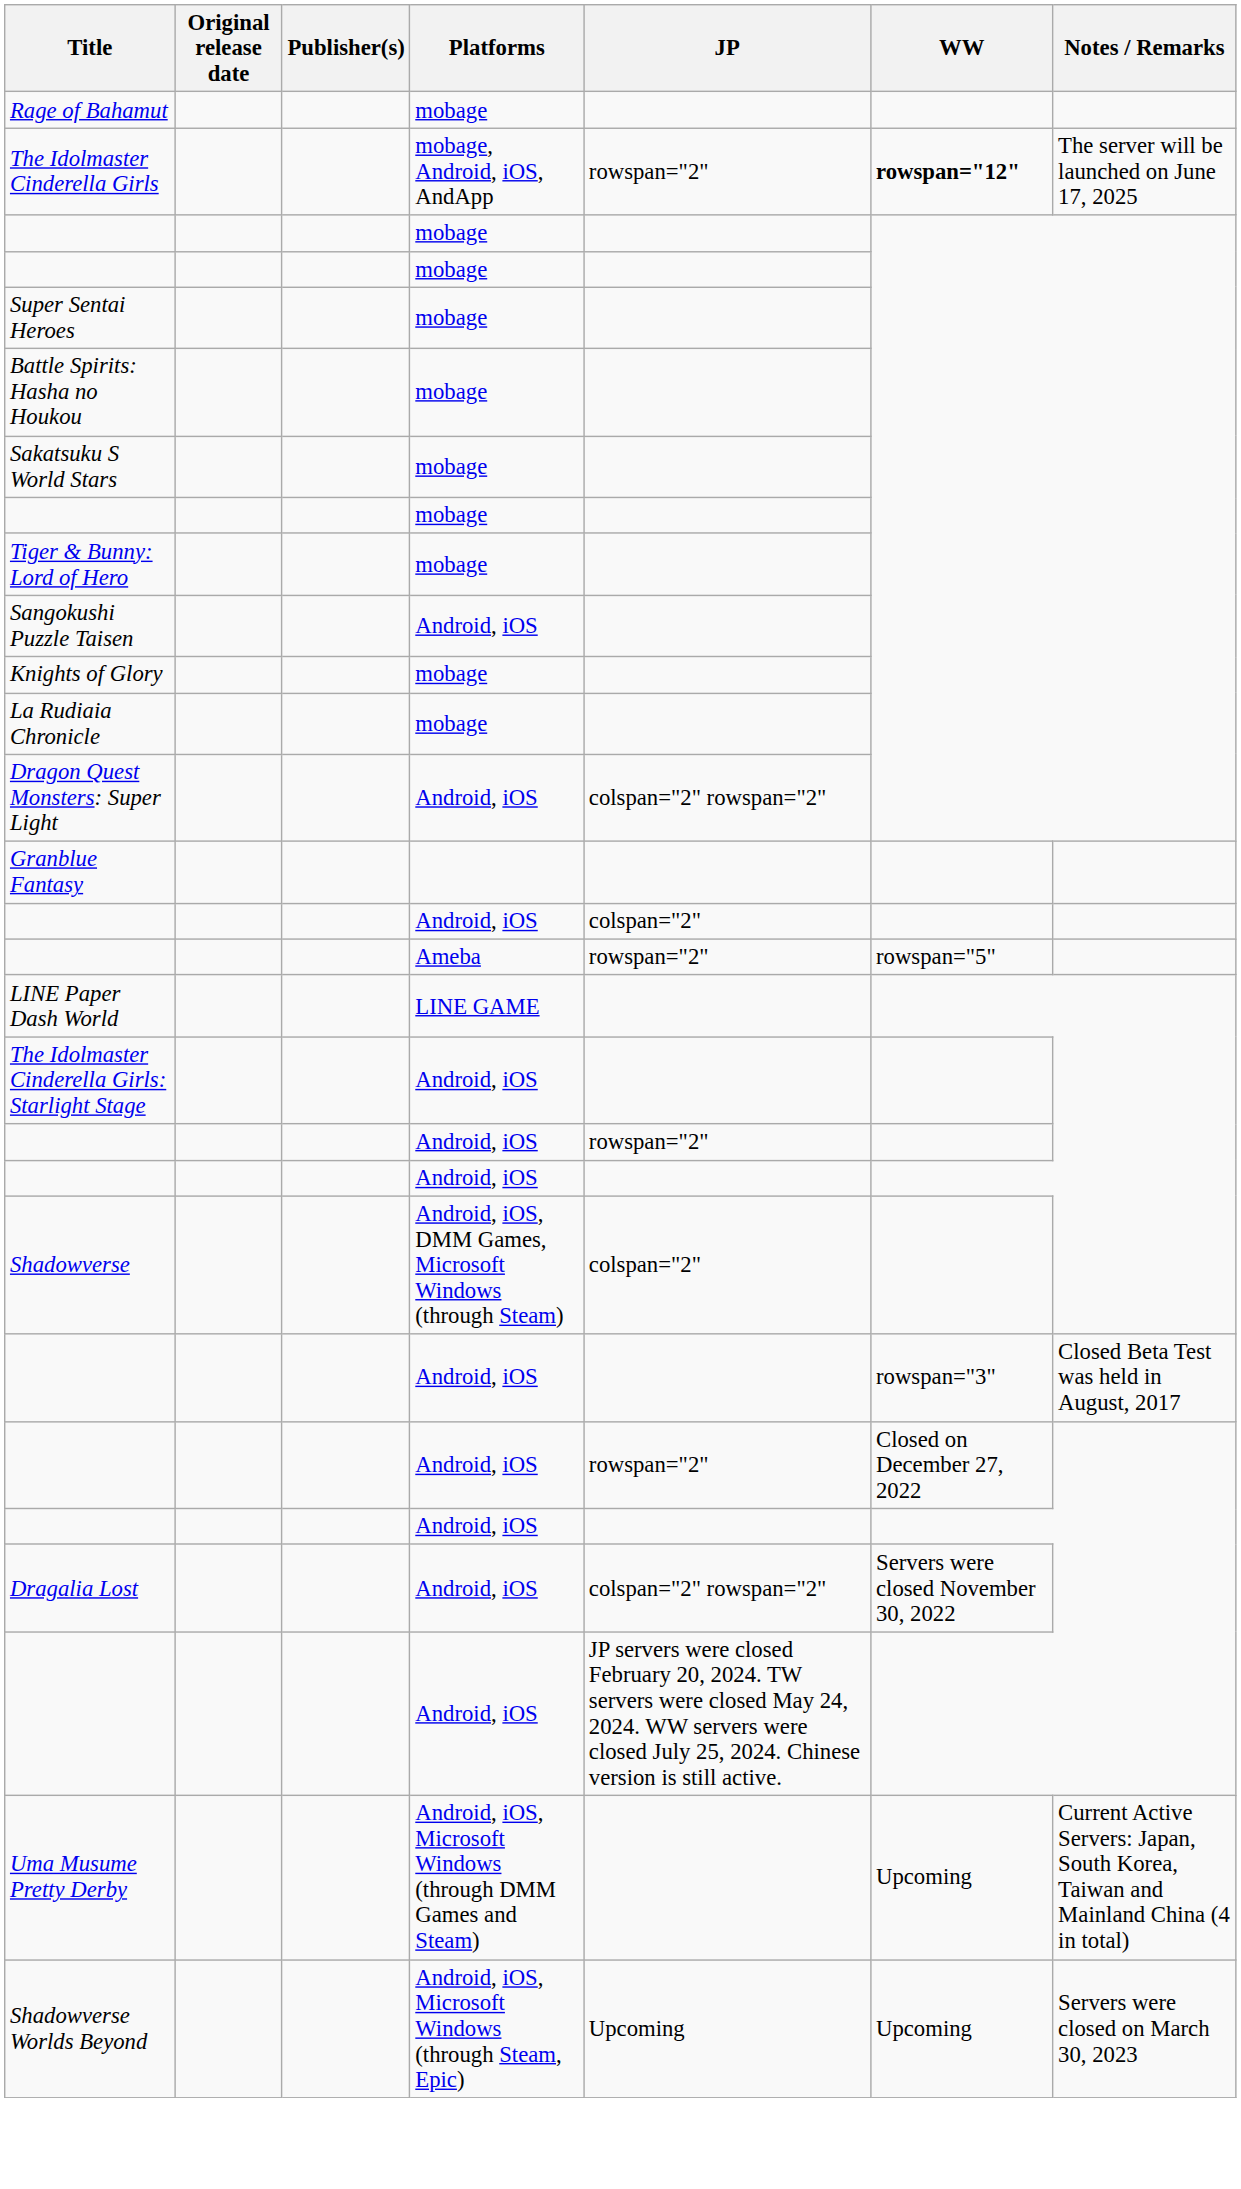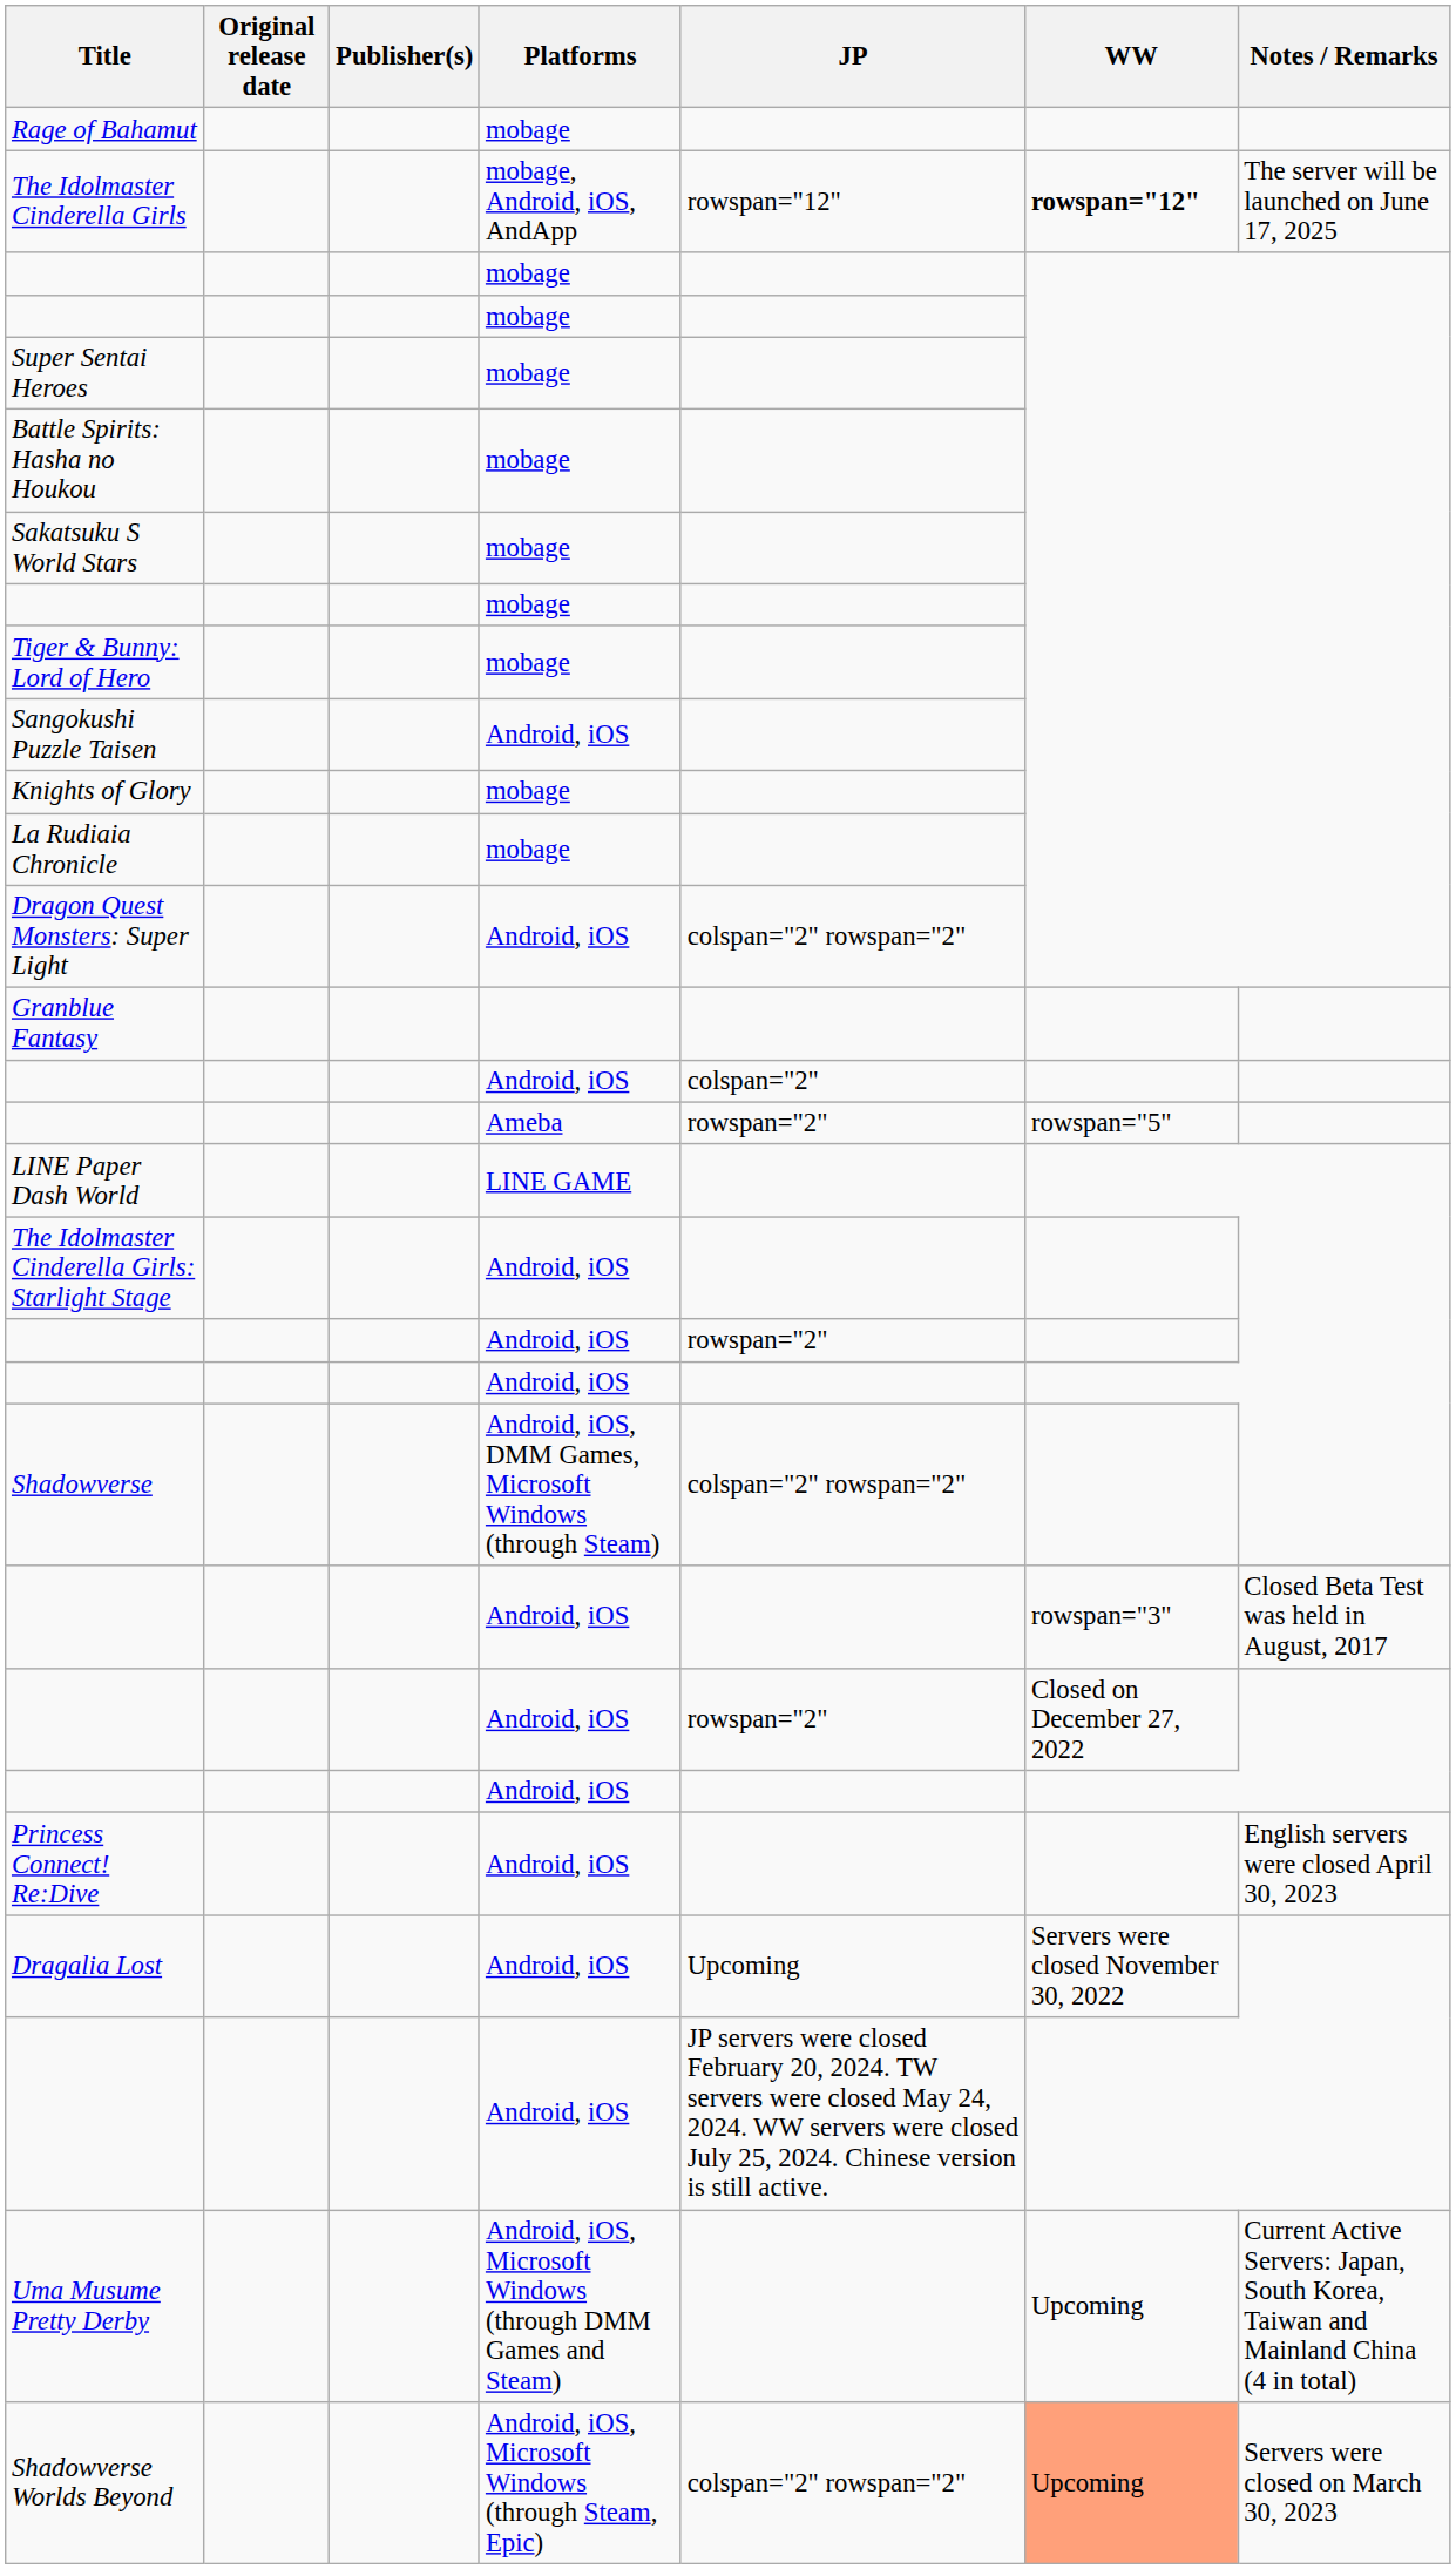 <table class="wikitable sortable">
 <tr>
 <th scope="col">Title</th>
 <th scope="col">Original release date</th>
 <th scope="col">Publisher(s)</th>
 <th scope="col">Platforms</th>
 <th scope="col">JP</th>
 <th scope="col">WW</th>
 <th scope="col">Notes / Remarks</th>
 </tr>
 <tr>
 <td><em><a href='#'>Rage of Bahamut</a></em></td>
 <td></td>
 <td></td>
 <td><a href='#'>mobage</a></td>
 <td></td>
 <td></td>
 <td></td>
 </tr>
 <tr>
 <td><em><a href='#'>The Idolmaster Cinderella Girls</a></em></td>
 <td></td>
 <td></td>
 <td><a href='#'>mobage</a>, <a href='#'>Android</a>, <a href='#'>iOS</a>, AndApp</td>
-<td>rowspan="2" </td>
+<td>rowspan="12" </td>
 <td><strong>rowspan="12" </strong></td>
 <td>The server will be launched on June 17, 2025</td>
 </tr>
 <tr>
 <td></td>
 <td></td>
 <td></td>
 <td><a href='#'>mobage</a></td>
 <td></td>
 </tr>
 <tr>
 <td></td>
 <td></td>
 <td></td>
 <td><a href='#'>mobage</a></td>
 <td></td>
 </tr>
 <tr>
 <td><em>Super Sentai Heroes</em></td>
 <td></td>
 <td></td>
 <td><a href='#'>mobage</a></td>
 <td></td>
 </tr>
 <tr>
 <td><em>Battle Spirits: Hasha no Houkou</em></td>
 <td></td>
 <td></td>
 <td><a href='#'>mobage</a></td>
 <td></td>
 </tr>
 <tr>
 <td><em>Sakatsuku S World Stars</em></td>
 <td></td>
 <td></td>
 <td><a href='#'>mobage</a></td>
 <td></td>
 </tr>
 <tr>
 <td></td>
 <td></td>
 <td></td>
 <td><a href='#'>mobage</a></td>
 <td></td>
 </tr>
 <tr>
 <td><a href='#'><em>Tiger & Bunny: Lord of Hero</em></a></td>
 <td></td>
 <td></td>
 <td><a href='#'>mobage</a></td>
 <td></td>
 </tr>
 <tr>
 <td><em>Sangokushi Puzzle Taisen</em></td>
 <td></td>
 <td></td>
 <td><a href='#'>Android</a>, <a href='#'>iOS</a></td>
 <td></td>
 </tr>
 <tr>
 <td><em>Knights of Glory</em></td>
 <td></td>
 <td></td>
 <td><a href='#'>mobage</a></td>
 <td></td>
 </tr>
 <tr>
 <td><em>La Rudiaia Chronicle</em></td>
 <td></td>
 <td></td>
 <td><a href='#'>mobage</a></td>
 <td></td>
 </tr>
 <tr>
 <td><em><a href='#'>Dragon Quest Monsters</a>: Super Light</em></td>
 <td></td>
 <td></td>
 <td><a href='#'>Android</a>, <a href='#'>iOS</a></td>
 <td>colspan="2" rowspan="2"</td>
 </tr>
 <tr>
 <td><em><a href='#'>Granblue Fantasy</a></em></td>
 <td></td>
 <td></td>
 <td></td>
 <td></td>
 <td></td>
 <td></td>
 </tr>
 <tr>
 <td></td>
 <td></td>
 <td></td>
 <td><a href='#'>Android</a>, <a href='#'>iOS</a></td>
 <td>colspan="2" </td>
 <td></td>
 </tr>
 <tr>
 <td></td>
 <td></td>
 <td></td>
 <td><a href='#'>Ameba</a></td>
 <td>rowspan="2" </td>
 <td>rowspan="5" </td>
 <td></td>
 </tr>
 <tr>
 <td><em>LINE Paper Dash World</em></td>
 <td></td>
 <td></td>
 <td><a href='#'>LINE GAME</a></td>
 <td></td>
 </tr>
 <tr>
 <td><em><a href='#'>The Idolmaster Cinderella Girls: Starlight Stage</a></em></td>
 <td></td>
 <td></td>
 <td><a href='#'>Android</a>, <a href='#'>iOS</a></td>
 <td></td>
 <td></td>
 </tr>
 <tr>
 <td></td>
 <td></td>
 <td></td>
 <td><a href='#'>Android</a>, <a href='#'>iOS</a></td>
 <td>rowspan="2" </td>
 <td></td>
 </tr>
 <tr>
 <td></td>
 <td></td>
 <td></td>
 <td><a href='#'>Android</a>, <a href='#'>iOS</a></td>
 <td></td>
 </tr>
 <tr>
 <td><em><a href='#'>Shadowverse</a></em></td>
 <td></td>
 <td></td>
 <td><a href='#'>Android</a>, <a href='#'>iOS</a>, DMM Games, <a href='#'>Microsoft Windows</a> (through <a href='#'>Steam</a>)</td>
-<td>colspan="2" </td>
+<td>colspan="2" rowspan="2"</td>
 <td></td>
 </tr>
 <tr>
 <td></td>
 <td></td>
 <td></td>
 <td><a href='#'>Android</a>, <a href='#'>iOS</a></td>
 <td></td>
 <td>rowspan="3" </td>
 <td>Closed Beta Test was held in August, 2017</td>
 </tr>
 <tr>
 <td></td>
 <td></td>
 <td></td>
 <td><a href='#'>Android</a>, <a href='#'>iOS</a></td>
 <td>rowspan="2" </td>
 <td>Closed on December 27, 2022</td>
 </tr>
 <tr>
 <td></td>
 <td></td>
 <td></td>
 <td><a href='#'>Android</a>, <a href='#'>iOS</a></td>
 <td></td>
 </tr>
 <tr>
+<td><em><a href='#'>Princess Connect! Re:Dive</a></em></td>
+<td></td>
+<td></td>
+<td><a href='#'>Android</a>, <a href='#'>iOS</a></td>
+<td></td>
+<td></td>
+<td>English servers were closed April 30, 2023</td>
+</tr>
+<tr>
 <td><em><a href='#'>Dragalia Lost</a></em></td>
 <td></td>
 <td></td>
 <td><a href='#'>Android</a>, <a href='#'>iOS</a></td>
-<td>colspan="2" rowspan="2"</td>
+<td>Upcoming</td>
 <td>Servers were closed November 30, 2022</td>
 </tr>
 <tr>
 <td></td>
 <td></td>
 <td></td>
 <td><a href='#'>Android</a>, <a href='#'>iOS</a></td>
 <td>JP servers were closed February 20, 2024. TW servers were closed May 24, 2024.  WW servers were closed July 25, 2024. Chinese version is still active.</td>
 </tr>
 <tr>
 <td><em><a href='#'>Uma Musume Pretty Derby</a></em></td>
 <td></td>
 <td></td>
 <td><a href='#'>Android</a>, <a href='#'>iOS</a>, <a href='#'>Microsoft Windows</a> (through DMM Games and <a href='#'>Steam</a>)</td>
 <td></td>
 <td>Upcoming</td>
 <td>Current Active Servers: Japan, South Korea, Taiwan and Mainland China (4 in total)</td>
 </tr>
 <tr>
 <td><em>Shadowverse Worlds Beyond</em></td>
 <td></td>
 <td></td>
 <td><a href='#'>Android</a>, <a href='#'>iOS</a>, <a href='#'>Microsoft Windows</a> (through <a href='#'>Steam</a>, <a href='#'>Epic</a>)</td>
-<td>Upcoming</td>
-<td>Upcoming</td>
+<td>colspan="2" rowspan="2"</td>
+<td style="background: lightsalmon;">Upcoming</td>
 <td>Servers were closed on March 30, 2023</td>
 </tr>
 </table>
